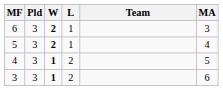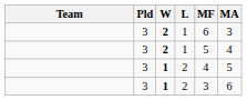 <table class=wikitable style="text-align:center">
 <tr>
-<th width=20>MF</th>
+<th width=175>Team</th>
 <th width=20>Pld</th>
 <th width=20>W</th>
 <th width=20>L</th>
-<th width=175>Team</th>
+<th width=20>MF</th>
 <th width=20>MA</th>
 </tr>
 <tr>
-<td>6</td>
+<td style="text-align:left"></td>
 <td>3</td>
 <td><strong>2</strong></td>
 <td>1</td>
-<td style="text-align:left"></td>
+<td>6</td>
 <td>3</td>
 </tr>
 <tr>
-<td>5</td>
+<td style="text-align:left"></td>
 <td>3</td>
 <td><strong>2</strong></td>
 <td>1</td>
-<td style="text-align:left"></td>
+<td>5</td>
 <td>4</td>
 </tr>
 <tr -bgcolor=ffcccc>
-<td>4</td>
+<td style="text-align:left"></td>
 <td>3</td>
 <td><strong>1</strong></td>
 <td>2</td>
-<td style="text-align:left"></td>
+<td>4</td>
 <td>5</td>
 </tr>
 <tr -bgcolor=ffcccc>
-<td>3</td>
+<td style="text-align:left"></td>
 <td>3</td>
 <td><strong>1</strong></td>
 <td>2</td>
-<td style="text-align:left"></td>
+<td>3</td>
 <td>6</td>
 </tr>
 </table>
